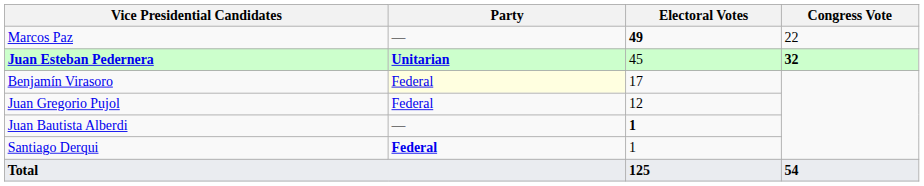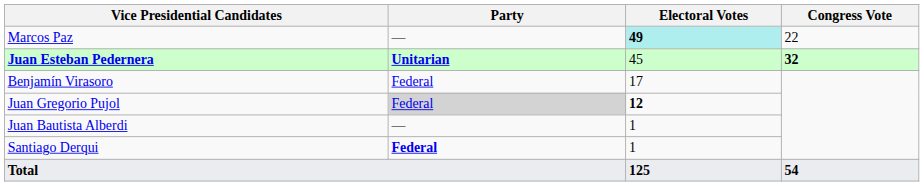 <table class="wikitable" width="53%">
 <tr>
 <th width="42%">Vice Presidential Candidates</th>
 <th width="26%">Party</th>
 <th width="17%">Electoral Votes</th>
 <th width="20%">Congress Vote</th>
 </tr>
 <tr>
 <td><a href='#'>Marcos Paz</a></td>
 <td>—</td>
-<td><strong>49</strong></td>
+<td style="background: paleturquoise;"><strong>49</strong></td>
 <td>22</td>
 </tr>
 <tr style="background:#cfc;">
 <td><strong><a href='#'>Juan Esteban Pedernera</a></strong></td>
 <td><strong><a href='#'>Unitarian</a></strong></td>
 <td>45</td>
 <td><strong>32</strong></td>
 </tr>
 <tr>
 <td><a href='#'>Benjamín Virasoro</a></td>
-<td style="background: lightyellow;"><a href='#'>Federal</a></td>
+<td><a href='#'>Federal</a></td>
 <td>17</td>
 <td rowspan="4"></td>
 </tr>
 <tr>
 <td><a href='#'>Juan Gregorio Pujol</a></td>
-<td><a href='#'>Federal</a></td>
-<td>12</td>
+<td style="background: lightgrey;"><a href='#'>Federal</a></td>
+<td><strong>12</strong></td>
 </tr>
 <tr>
 <td><a href='#'>Juan Bautista Alberdi</a></td>
 <td>—</td>
-<td><strong>1</strong></td>
+<td>1</td>
 </tr>
 <tr>
 <td><a href='#'>Santiago Derqui</a></td>
 <td><strong><a href='#'>Federal</a></strong></td>
 <td>1</td>
 </tr>
 <tr style="background:#EAECF0;">
 <td colspan=2><strong>Total</strong></td>
 <td><strong>125</strong></td>
 <td><strong>54</strong></td>
 </tr>
 </table>
